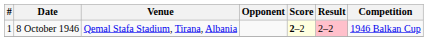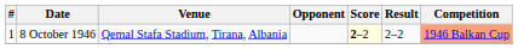 <table class="wikitable sortable">
 <tr>
 <th>#</th>
 <th>Date</th>
 <th>Venue</th>
 <th>Opponent</th>
 <th>Score</th>
 <th>Result</th>
 <th>Competition</th>
 </tr>
 <tr>
 <td align="center">1</td>
 <td>8 October 1946</td>
 <td><a href='#'>Qemal Stafa Stadium</a>, <a href='#'>Tirana</a>, <a href='#'>Albania</a></td>
 <td></td>
 <td style="background: lightyellow;"><strong>2</strong>–2</td>
-<td style="background: pink;">2–2</td>
-<td><a href='#'>1946 Balkan Cup</a></td>
+<td>2–2</td>
+<td style="background: lightsalmon;"><a href='#'>1946 Balkan Cup</a></td>
 </tr>
 <tr>
 </tr>
 </table>
